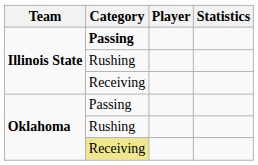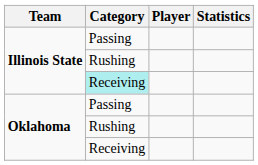 <table class="wikitable" style="float: right;">
 <tr>
 <th>Team</th>
 <th>Category</th>
 <th>Player</th>
 <th>Statistics</th>
 </tr>
 <tr>
 <td rowspan=3><strong>Illinois State</strong></td>
-<td><strong>Passing</strong></td>
+<td>Passing</td>
 <td></td>
 <td></td>
 </tr>
 <tr>
 <td>Rushing</td>
 <td></td>
 <td></td>
 </tr>
 <tr>
-<td>Receiving</td>
+<td style="background: paleturquoise;">Receiving</td>
 <td></td>
 <td></td>
 </tr>
 <tr>
 <td rowspan=3><strong>Oklahoma</strong></td>
 <td>Passing</td>
 <td></td>
 <td></td>
 </tr>
 <tr>
 <td>Rushing</td>
 <td></td>
 <td></td>
 </tr>
 <tr>
-<td style="background: khaki;">Receiving</td>
+<td>Receiving</td>
 <td></td>
 <td></td>
 </tr>
 </table>
